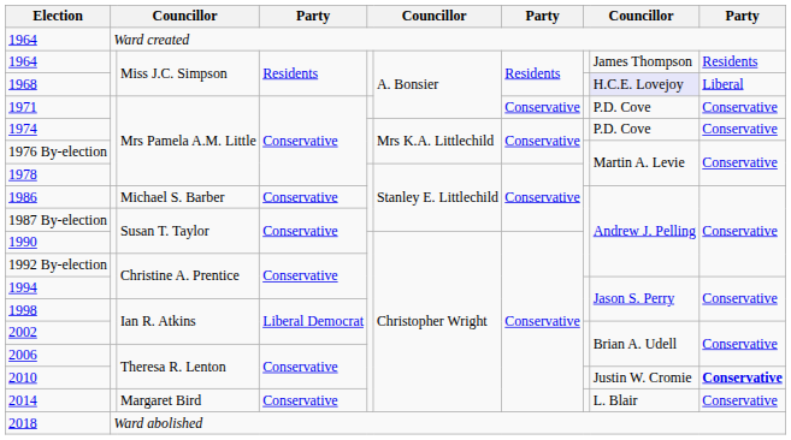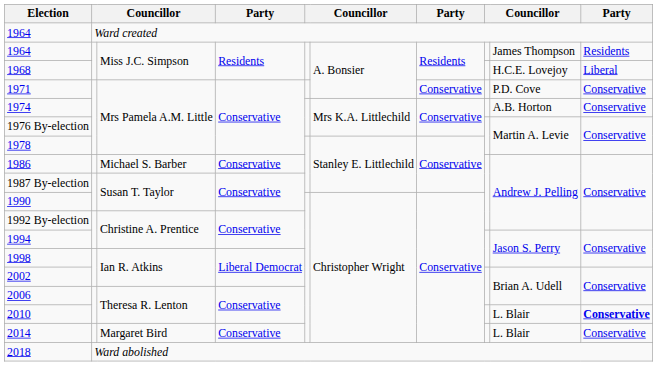 <table class="wikitable">
 <tr>
 <th>Election</th>
 <th colspan="2">Councillor</th>
 <th>Party</th>
 <th colspan="2">Councillor</th>
 <th>Party</th>
 <th colspan="2">Councillor</th>
 <th>Party</th>
 </tr>
 <tr>
 <td><a href='#'>1964</a></td>
 <td colspan="12"><em>Ward created</em></td>
 </tr>
 <tr>
 <td><a href='#'>1964</a></td>
 <td rowspan="2" style="background-color: "></td>
 <td rowspan="2">Miss J.C. Simpson</td>
 <td rowspan="2"><a href='#'>Residents</a></td>
 <td rowspan="2" style="background-color: "></td>
 <td rowspan="3">A. Bonsier</td>
 <td rowspan="2"><a href='#'>Residents</a></td>
 <td style="background-color: "></td>
 <td>James Thompson</td>
 <td><a href='#'>Residents</a></td>
 </tr>
 <tr>
 <td><a href='#'>1968</a></td>
 <td style="background-color: "></td>
-<td style="background: lavender;">H.C.E. Lovejoy</td>
+<td>H.C.E. Lovejoy</td>
 <td><a href='#'>Liberal</a></td>
 </tr>
 <tr>
 <td><a href='#'>1971</a></td>
 <td rowspan="4" style="background-color: "></td>
 <td rowspan="4">Mrs Pamela A.M. Little</td>
 <td rowspan="4"><a href='#'>Conservative</a></td>
 <td style="background-color: "></td>
 <td><a href='#'>Conservative</a></td>
 <td style="background-color: "></td>
 <td>P.D. Cove</td>
 <td><a href='#'>Conservative</a></td>
 </tr>
 <tr>
 <td><a href='#'>1974</a></td>
 <td rowspan="2" style="background-color: "></td>
 <td rowspan="2">Mrs K.A. Littlechild</td>
 <td rowspan="2"><a href='#'>Conservative</a></td>
 <td style="background-color: "></td>
-<td>P.D. Cove</td>
+<td>A.B. Horton</td>
 <td><a href='#'>Conservative</a></td>
 </tr>
 <tr>
 <td>1976 By-election</td>
 <td rowspan="2" style="background-color: "></td>
 <td rowspan="2">Martin A. Levie</td>
 <td rowspan="2"><a href='#'>Conservative</a></td>
 </tr>
 <tr>
 <td><a href='#'>1978</a></td>
 <td rowspan="3" style="background-color: "></td>
 <td rowspan="3">Stanley E. Littlechild</td>
 <td rowspan="3"><a href='#'>Conservative</a></td>
 </tr>
 <tr>
 <td><a href='#'>1986</a></td>
 <td style="background-color: "></td>
 <td>Michael S. Barber</td>
 <td><a href='#'>Conservative</a></td>
 <td rowspan="4" style="background-color: "></td>
 <td rowspan="4"><a href='#'>Andrew J. Pelling</a></td>
 <td rowspan="4"><a href='#'>Conservative</a></td>
 </tr>
 <tr>
 <td>1987 By-election</td>
 <td rowspan="2" style="background-color: "></td>
 <td rowspan="2">Susan T. Taylor</td>
 <td rowspan="2"><a href='#'>Conservative</a></td>
 </tr>
 <tr>
 <td><a href='#'>1990</a></td>
 <td rowspan="8" style="background-color: "></td>
 <td rowspan="8">Christopher Wright</td>
 <td rowspan="8"><a href='#'>Conservative</a></td>
 </tr>
 <tr>
 <td>1992 By-election</td>
 <td rowspan="2" style="background-color: "></td>
 <td rowspan="2">Christine A. Prentice</td>
 <td rowspan="2"><a href='#'>Conservative</a></td>
 </tr>
 <tr>
 <td><a href='#'>1994</a></td>
 <td rowspan="2" style="background-color: "></td>
 <td rowspan="2"><a href='#'>Jason S. Perry</a></td>
 <td rowspan="2"><a href='#'>Conservative</a></td>
 </tr>
 <tr>
 <td><a href='#'>1998</a></td>
 <td rowspan="2" style="background-color: "></td>
 <td rowspan="2">Ian R. Atkins</td>
 <td rowspan="2"><a href='#'>Liberal Democrat</a></td>
 </tr>
 <tr>
 <td><a href='#'>2002</a></td>
 <td rowspan="2" style="background-color: "></td>
 <td rowspan="2">Brian A. Udell</td>
 <td rowspan="2"><a href='#'>Conservative</a></td>
 </tr>
 <tr>
 <td><a href='#'>2006</a></td>
 <td rowspan="2" style="background-color: "></td>
 <td rowspan="2">Theresa R. Lenton</td>
 <td rowspan="2"><a href='#'>Conservative</a></td>
 </tr>
 <tr>
 <td><a href='#'>2010</a></td>
 <td style="background-color: "></td>
-<td>Justin W. Cromie</td>
+<td>L. Blair</td>
 <td><strong><a href='#'>Conservative</a></strong></td>
 </tr>
 <tr>
 <td><a href='#'>2014</a></td>
 <td style="background-color: "></td>
 <td>Margaret Bird</td>
 <td><a href='#'>Conservative</a></td>
 <td style="background-color: "></td>
 <td>L. Blair</td>
 <td><a href='#'>Conservative</a></td>
 </tr>
 <tr>
 <td><a href='#'>2018</a></td>
 <td colspan="12"><em>Ward abolished</em></td>
 </tr>
 </table>
